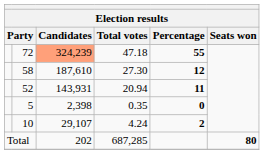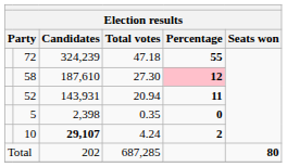 <table class=wikitable>
 <tr>
 <th colspan=7></th>
 </tr>
 <tr>
 <th colspan=7>Election results</th>
 </tr>
 <tr>
 <th colspan=2>Party</th>
 <th>Candidates</th>
 <th>Total votes</th>
 <th>Percentage</th>
 <th>Seats won</th>
 </tr>
 <tr align=right>
 <td></td>
 <td>72</td>
-<td style="background: lightsalmon;">324,239</td>
+<td>324,239</td>
 <td>47.18</td>
 <td><strong>55</strong></td>
 </tr>
 <tr align=right>
 <td></td>
 <td>58</td>
 <td>187,610</td>
 <td>27.30</td>
-<td><strong>12</strong></td>
+<td style="background: pink;"><strong>12</strong></td>
 </tr>
 <tr align=right>
 <td></td>
 <td>52</td>
 <td>143,931</td>
 <td>20.94</td>
 <td><strong>11</strong></td>
 </tr>
 <tr align=right>
 <td></td>
 <td>5</td>
 <td>2,398</td>
 <td>0.35</td>
 <td><strong>0</strong></td>
 </tr>
 <tr align=right>
 <td></td>
 <td>10</td>
-<td>29,107</td>
+<td><strong>29,107</strong></td>
 <td>4.24</td>
 <td><strong>2</strong></td>
 </tr>
 <tr align=right>
 <td colspan=2 align=left>Total</td>
 <td>202</td>
 <td>687,285</td>
 <td></td>
 <td><strong>80</strong></td>
 </tr>
 <tr>
 </tr>
 </table>
